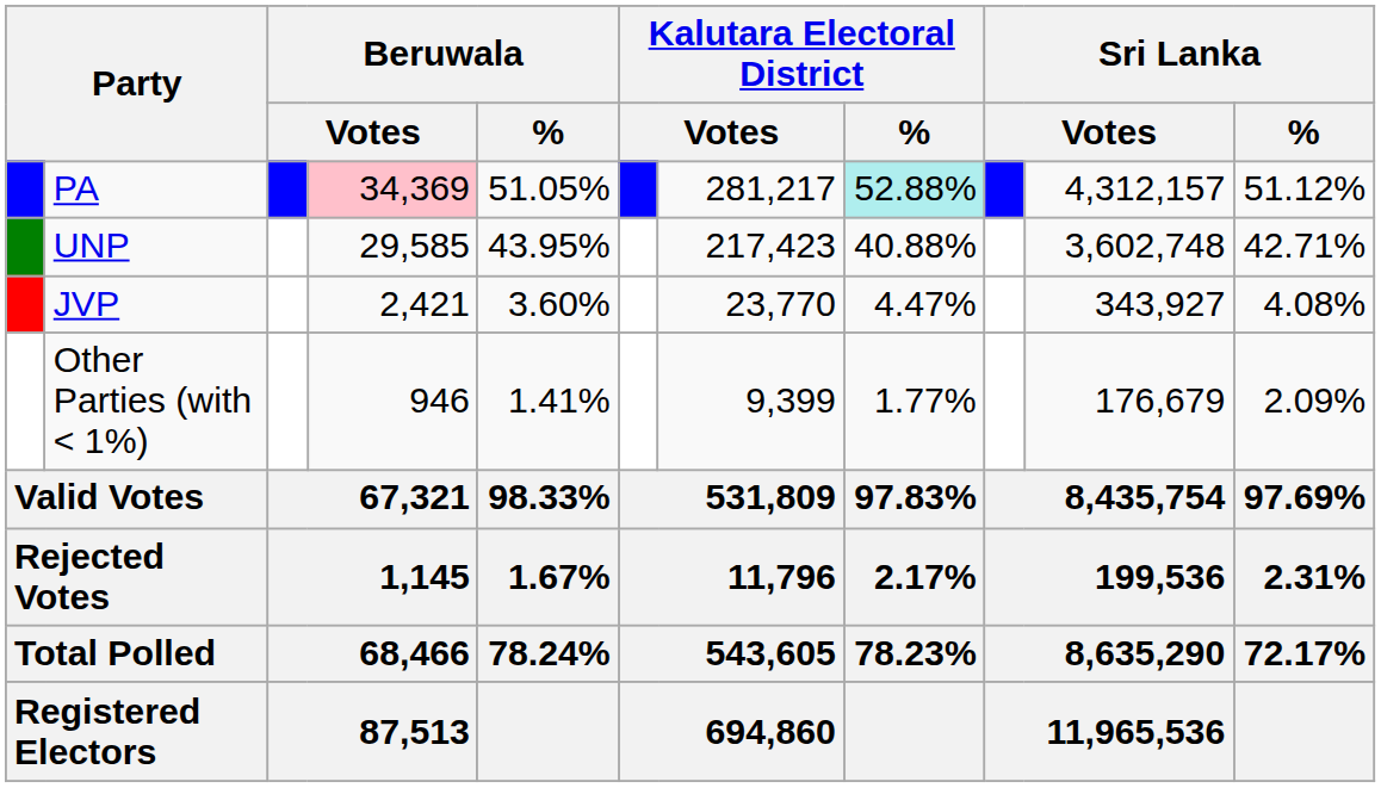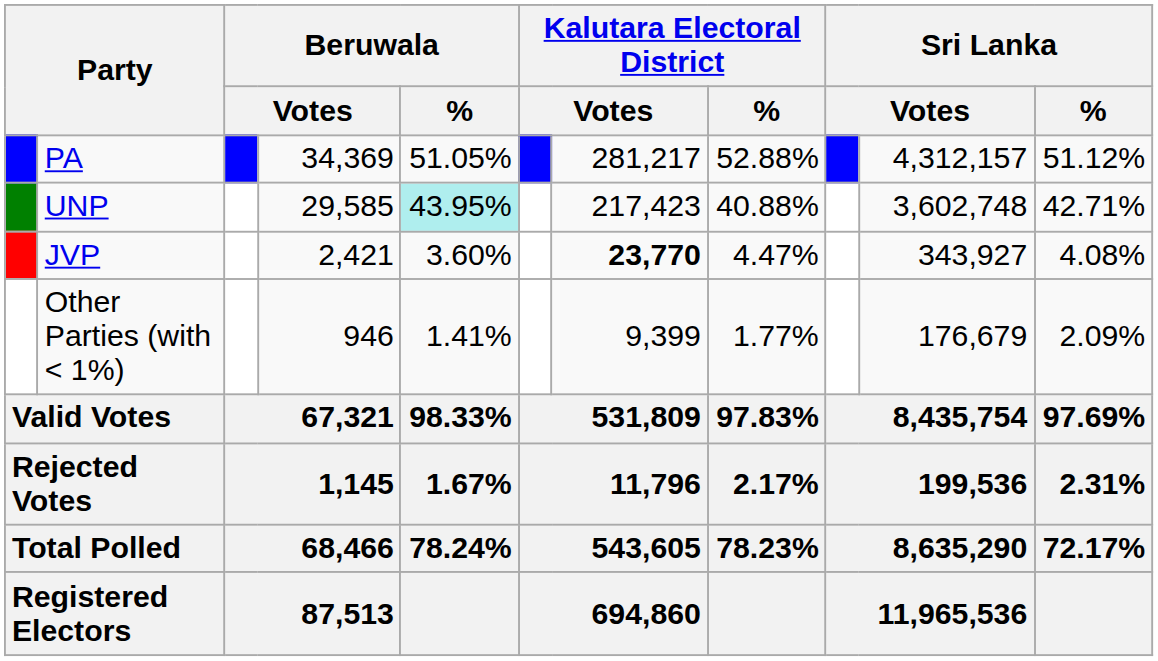 <table class="wikitable">
 <tr>
 <th colspan="2" width="144px"rowspan="2">Party</th>
 <th colspan="3" width="216px">Beruwala</th>
 <th colspan="3" width="216px"><a href='#'>Kalutara Electoral District</a></th>
 <th colspan="3" width="216px">Sri Lanka</th>
 </tr>
 <tr>
 <th colspan="2" width="144px">Votes</th>
 <th>%</th>
 <th colspan="2" width="144px">Votes</th>
 <th>%</th>
 <th colspan="2" width="144px">Votes</th>
 <th>%</th>
 </tr>
 <tr>
 <td style="background-color:blue;" width="10px"></td>
 <td style="text-align:left;"><a href='#'>PA</a></td>
 <td style="background-color:blue;" width="10px"></td>
-<td style="background: pink; text-align:right;">34,369</td>
+<td style="text-align:right;">34,369</td>
 <td style="text-align:right;">51.05%</td>
 <td style="background-color:blue;" width="10px"></td>
 <td style="text-align:right;">281,217</td>
-<td style="background: paleturquoise; text-align:right;">52.88%</td>
+<td style="text-align:right;">52.88%</td>
 <td style="background-color:blue;" width="10px"></td>
 <td style="text-align:right;">4,312,157</td>
 <td style="text-align:right;">51.12%</td>
 </tr>
 <tr>
 <td style="background-color:green;" width="10px"></td>
 <td style="text-align:left;"><a href='#'>UNP</a></td>
 <td style="background-color:white;" width="10px"></td>
 <td style="text-align:right;">29,585</td>
-<td style="text-align:right;">43.95%</td>
+<td style="background: paleturquoise; text-align:right;">43.95%</td>
 <td style="background-color:white;" width="10px"></td>
 <td style="text-align:right;">217,423</td>
 <td style="text-align:right;">40.88%</td>
 <td style="background-color:white;" width="10px"></td>
 <td style="text-align:right;">3,602,748</td>
 <td style="text-align:right;">42.71%</td>
 </tr>
 <tr>
 <td style="background-color:red;" width="10px"></td>
 <td style="text-align:left;"><a href='#'>JVP</a></td>
 <td style="background-color:white;" width="10px"></td>
 <td style="text-align:right;">2,421</td>
 <td style="text-align:right;">3.60%</td>
 <td style="background-color:white;" width="10px"></td>
-<td style="text-align:right;">23,770</td>
+<td style="text-align:right;"><strong>23,770</strong></td>
 <td style="text-align:right;">4.47%</td>
 <td style="background-color:white;" width="10px"></td>
 <td style="text-align:right;">343,927</td>
 <td style="text-align:right;">4.08%</td>
 </tr>
 <tr>
 <td style="background-color:white;" width="10px"></td>
 <td style="text-align:left;">Other Parties (with < 1%)</td>
 <td style="background-color:white;" width="10px"></td>
 <td style="text-align:right;">946</td>
 <td style="text-align:right;">1.41%</td>
 <td style="background-color:white;" width="10px"></td>
 <td style="text-align:right;">9,399</td>
 <td style="text-align:right;">1.77%</td>
 <td style="background-color:white;" width="10px"></td>
 <td style="text-align:right;">176,679</td>
 <td style="text-align:right;">2.09%</td>
 </tr>
 <tr>
 <th colspan="2" width="144px"style="text-align:left;">Valid Votes</th>
 <th style="text-align:right;"colspan="2" width="144px">67,321</th>
 <th style="text-align:right;">98.33%</th>
 <th style="text-align:right;"colspan="2" width="144px">531,809</th>
 <th style="text-align:right;">97.83%</th>
 <th style="text-align:right;"colspan="2" width="144px">8,435,754</th>
 <th style="text-align:right;">97.69%</th>
 </tr>
 <tr>
 <th colspan="2" width="144px"style="text-align:left;">Rejected Votes</th>
 <th style="text-align:right;"colspan="2" width="144px">1,145</th>
 <th style="text-align:right;">1.67%</th>
 <th style="text-align:right;"colspan="2" width="144px">11,796</th>
 <th style="text-align:right;">2.17%</th>
 <th style="text-align:right;"colspan="2" width="144px">199,536</th>
 <th style="text-align:right;">2.31%</th>
 </tr>
 <tr>
 <th colspan="2" width="144px"style="text-align:left;">Total Polled</th>
 <th style="text-align:right;"colspan="2" width="144px">68,466</th>
 <th style="text-align:right;">78.24%</th>
 <th style="text-align:right;"colspan="2" width="144px">543,605</th>
 <th style="text-align:right;">78.23%</th>
 <th style="text-align:right;"colspan="2" width="144px">8,635,290</th>
 <th style="text-align:right;">72.17%</th>
 </tr>
 <tr>
 <th colspan="2" width="144px"style="text-align:left;">Registered Electors</th>
 <th style="text-align:right;"colspan="2" width="144px">87,513</th>
 <th></th>
 <th style="text-align:right;"colspan="2" width="144px">694,860</th>
 <th></th>
 <th style="text-align:right;"colspan="2" width="144px">11,965,536</th>
 <th></th>
 </tr>
 </table>
